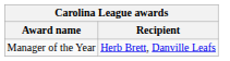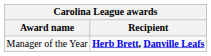 <table class="wikitable">
 <tr>
 <th colspan="2">Carolina League awards</th>
 </tr>
 <tr>
 <th>Award name</th>
 <th>Recipient</th>
 </tr>
 <tr>
 <td>Manager of the Year</td>
-<td><a href='#'>Herb Brett</a>, <a href='#'>Danville Leafs</a></td>
+<td><strong><a href='#'>Herb Brett</a>, <a href='#'>Danville Leafs</a></strong></td>
 </tr>
 </table>
